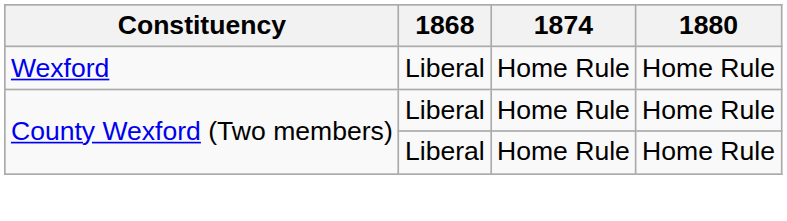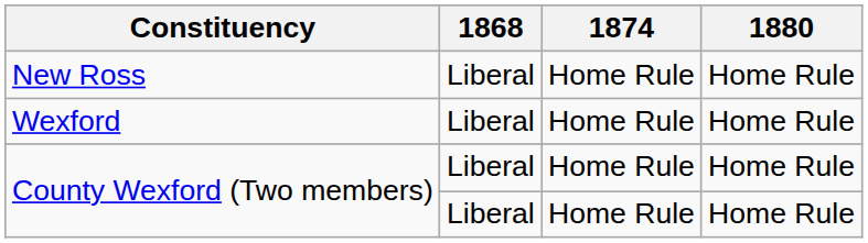 <table class="wikitable">
 <tr>
 <th>Constituency</th>
 <th>1868</th>
 <th>1874</th>
 <th>1880</th>
+</tr>
+<tr>
+<td><a href='#'>New Ross</a></td>
+<td>Liberal</td>
+<td>Home Rule</td>
+<td>Home Rule</td>
 </tr>
 <tr>
 <td><a href='#'>Wexford</a></td>
 <td>Liberal</td>
 <td>Home Rule</td>
 <td>Home Rule</td>
 </tr>
 <tr>
 <td rowspan="2"><a href='#'>County Wexford</a> (Two members)</td>
 <td>Liberal</td>
 <td>Home Rule</td>
 <td>Home Rule</td>
 </tr>
 <tr>
 <td>Liberal</td>
 <td>Home Rule</td>
 <td>Home Rule</td>
 </tr>
 </table>
